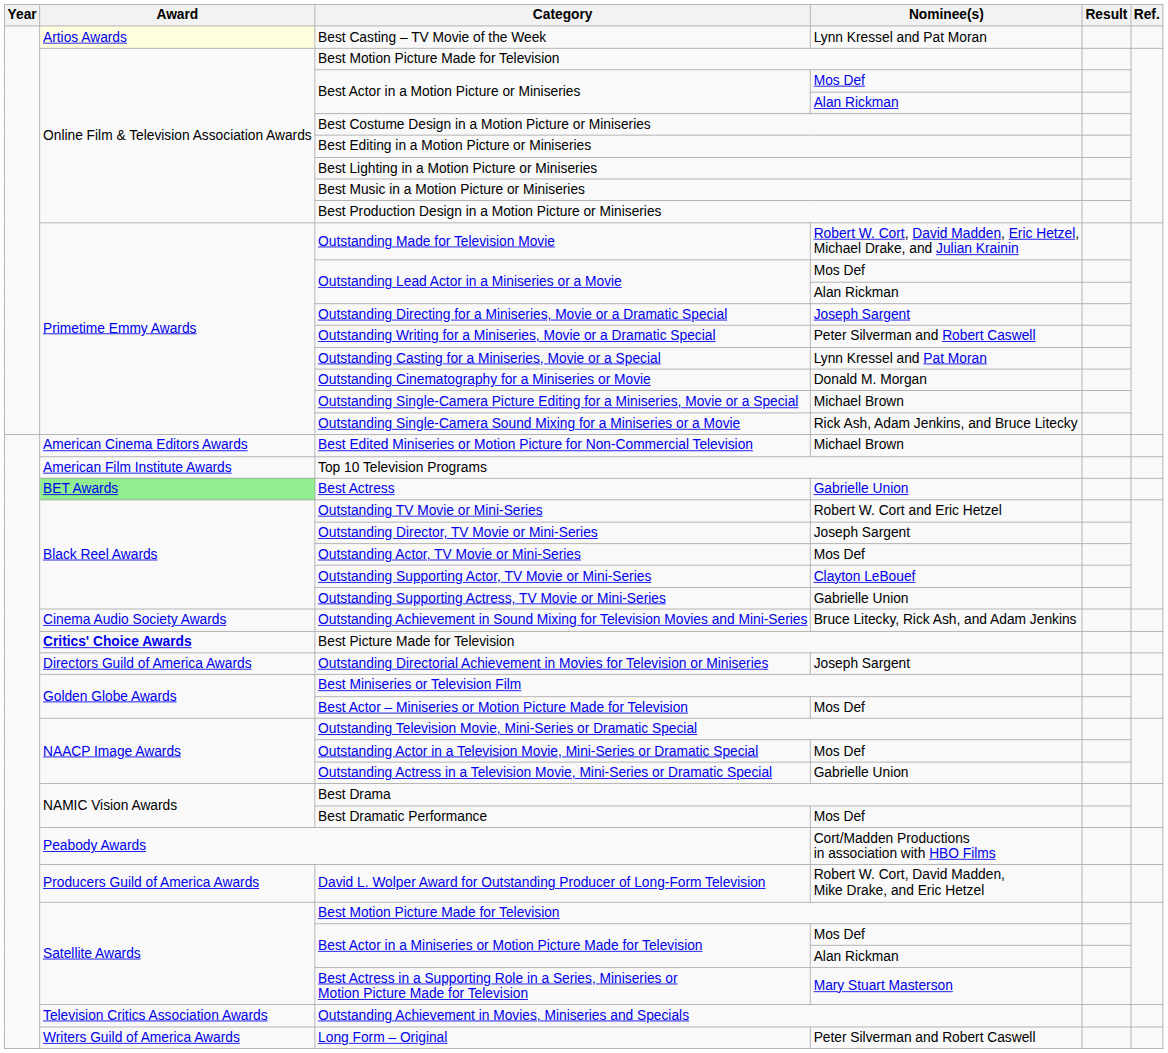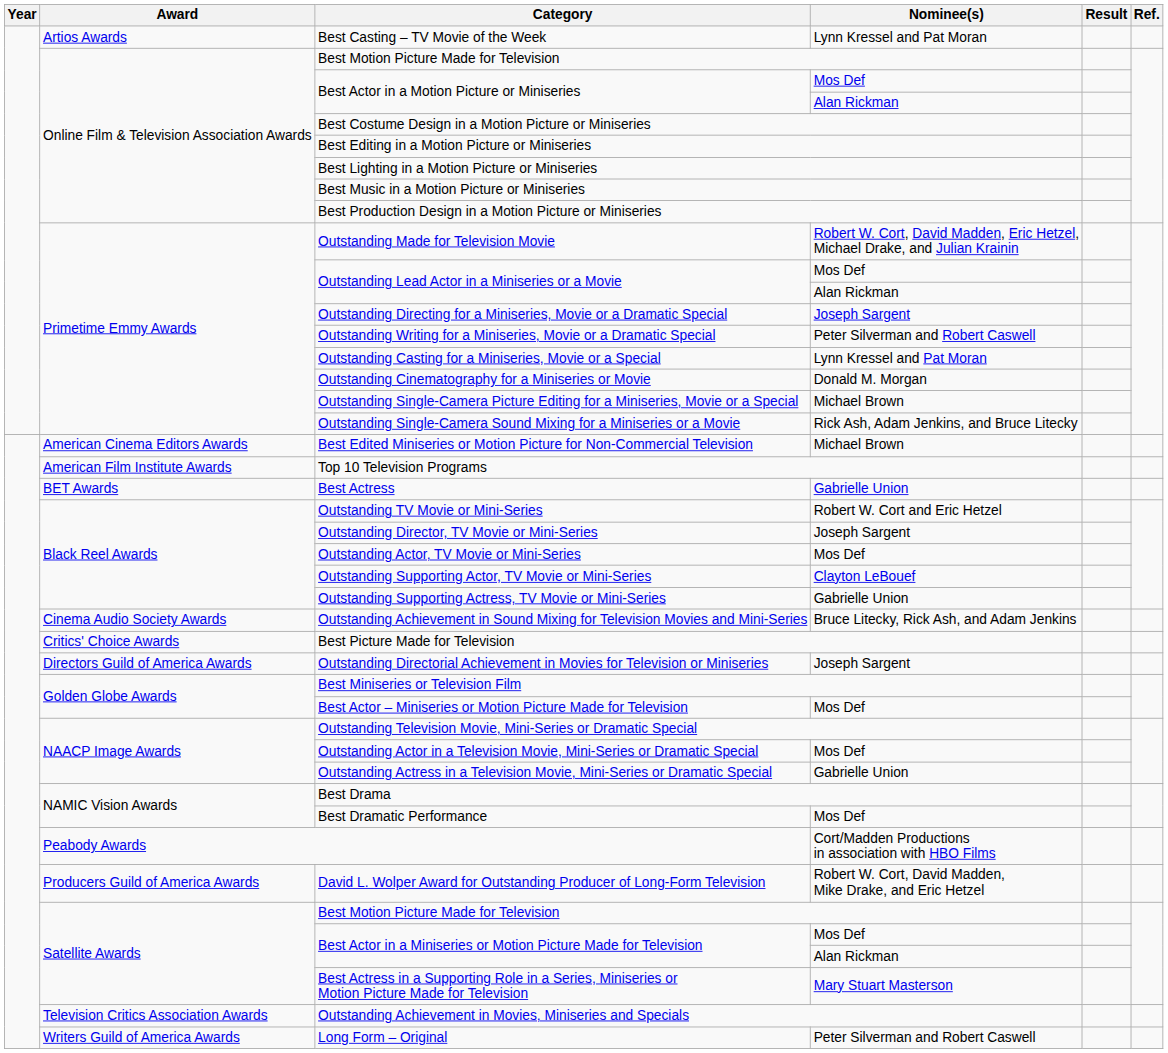 <table class="wikitable sortable">
 <tr>
 <th>Year</th>
 <th>Award</th>
 <th>Category</th>
 <th>Nominee(s)</th>
 <th>Result</th>
 <th>Ref.</th>
 </tr>
 <tr>
 <td rowspan="18"></td>
-<td style="background: lightyellow;"><a href='#'>Artios Awards</a></td>
+<td><a href='#'>Artios Awards</a></td>
 <td>Best Casting – TV Movie of the Week</td>
 <td>Lynn Kressel and Pat Moran</td>
 <td></td>
 <td align="center"></td>
 </tr>
 <tr>
 <td rowspan="8">Online Film & Television Association Awards</td>
 <td colspan="2">Best Motion Picture Made for Television</td>
 <td></td>
 <td align="center" rowspan="8"></td>
 </tr>
 <tr>
 <td rowspan="2">Best Actor in a Motion Picture or Miniseries</td>
 <td><a href='#'>Mos Def</a></td>
 <td></td>
 </tr>
 <tr>
 <td><a href='#'>Alan Rickman</a></td>
 <td></td>
 </tr>
 <tr>
 <td colspan="2">Best Costume Design in a Motion Picture or Miniseries</td>
 <td></td>
 </tr>
 <tr>
 <td colspan="2">Best Editing in a Motion Picture or Miniseries</td>
 <td></td>
 </tr>
 <tr>
 <td colspan="2">Best Lighting in a Motion Picture or Miniseries</td>
 <td></td>
 </tr>
 <tr>
 <td colspan="2">Best Music in a Motion Picture or Miniseries</td>
 <td></td>
 </tr>
 <tr>
 <td colspan="2">Best Production Design in a Motion Picture or Miniseries</td>
 <td></td>
 </tr>
 <tr>
 <td rowspan="9"><a href='#'>Primetime Emmy Awards</a></td>
 <td><a href='#'>Outstanding Made for Television Movie</a></td>
 <td><a href='#'>Robert W. Cort</a>, <a href='#'>David Madden</a>, <a href='#'>Eric Hetzel</a>, <br> Michael Drake, and <a href='#'>Julian Krainin</a></td>
 <td></td>
 <td align="center" rowspan="9"></td>
 </tr>
 <tr>
 <td rowspan="2"><a href='#'>Outstanding Lead Actor in a Miniseries or a Movie</a></td>
 <td>Mos Def</td>
 <td></td>
 </tr>
 <tr>
 <td>Alan Rickman</td>
 <td></td>
 </tr>
 <tr>
 <td><a href='#'>Outstanding Directing for a Miniseries, Movie or a Dramatic Special</a></td>
 <td><a href='#'>Joseph Sargent</a></td>
 <td></td>
 </tr>
 <tr>
 <td><a href='#'>Outstanding Writing for a Miniseries, Movie or a Dramatic Special</a></td>
 <td>Peter Silverman and <a href='#'>Robert Caswell</a></td>
 <td></td>
 </tr>
 <tr>
 <td><a href='#'>Outstanding Casting for a Miniseries, Movie or a Special</a></td>
 <td>Lynn Kressel and <a href='#'>Pat Moran</a></td>
 <td></td>
 </tr>
 <tr>
 <td><a href='#'>Outstanding Cinematography for a Miniseries or Movie</a></td>
 <td>Donald M. Morgan</td>
 <td></td>
 </tr>
 <tr>
 <td><a href='#'>Outstanding Single-Camera Picture Editing for a Miniseries, Movie or a Special</a></td>
 <td>Michael Brown</td>
 <td></td>
 </tr>
 <tr>
 <td><a href='#'>Outstanding Single-Camera Sound Mixing for a Miniseries or a Movie</a></td>
 <td>Rick Ash, Adam Jenkins, and Bruce Litecky</td>
 <td></td>
 </tr>
 <tr>
 <td rowspan="26"></td>
 <td><a href='#'>American Cinema Editors Awards</a></td>
 <td><a href='#'>Best Edited Miniseries or Motion Picture for Non-Commercial Television</a></td>
 <td>Michael Brown</td>
 <td></td>
 <td align="center"></td>
 </tr>
 <tr>
 <td><a href='#'>American Film Institute Awards</a></td>
 <td colspan="2">Top 10 Television Programs</td>
 <td></td>
 <td align="center"></td>
 </tr>
 <tr>
-<td style="background: lightgreen;"><a href='#'>BET Awards</a></td>
+<td><a href='#'>BET Awards</a></td>
 <td><a href='#'>Best Actress</a></td>
 <td><a href='#'>Gabrielle Union</a></td>
 <td></td>
 <td align="center"></td>
 </tr>
 <tr>
 <td rowspan="5"><a href='#'>Black Reel Awards</a></td>
 <td><a href='#'>Outstanding TV Movie or Mini-Series</a></td>
 <td>Robert W. Cort and Eric Hetzel</td>
 <td></td>
 <td align="center" rowspan="5"></td>
 </tr>
 <tr>
 <td><a href='#'>Outstanding Director, TV Movie or Mini-Series</a></td>
 <td>Joseph Sargent</td>
 <td></td>
 </tr>
 <tr>
 <td><a href='#'>Outstanding Actor, TV Movie or Mini-Series</a></td>
 <td>Mos Def</td>
 <td></td>
 </tr>
 <tr>
 <td><a href='#'>Outstanding Supporting Actor, TV Movie or Mini-Series</a></td>
 <td><a href='#'>Clayton LeBouef</a></td>
 <td></td>
 </tr>
 <tr>
 <td><a href='#'>Outstanding Supporting Actress, TV Movie or Mini-Series</a></td>
 <td>Gabrielle Union</td>
 <td></td>
 </tr>
 <tr>
 <td><a href='#'>Cinema Audio Society Awards</a></td>
 <td><a href='#'>Outstanding Achievement in Sound Mixing for Television Movies and Mini-Series</a></td>
 <td>Bruce Litecky, Rick Ash, and Adam Jenkins</td>
 <td></td>
 <td align="center"></td>
 </tr>
 <tr>
-<td><strong><a href='#'>Critics' Choice Awards</a></strong></td>
+<td><a href='#'>Critics' Choice Awards</a></td>
 <td colspan="2">Best Picture Made for Television</td>
 <td></td>
 <td align="center"></td>
 </tr>
 <tr>
 <td><a href='#'>Directors Guild of America Awards</a></td>
 <td><a href='#'>Outstanding Directorial Achievement in Movies for Television or Miniseries</a></td>
 <td>Joseph Sargent</td>
 <td></td>
 <td align="center"></td>
 </tr>
 <tr>
 <td rowspan="2"><a href='#'>Golden Globe Awards</a></td>
 <td colspan="2"><a href='#'>Best Miniseries or Television Film</a></td>
 <td></td>
 <td align="center" rowspan="2"></td>
 </tr>
 <tr>
 <td><a href='#'>Best Actor – Miniseries or Motion Picture Made for Television</a></td>
 <td>Mos Def</td>
 <td></td>
 </tr>
 <tr>
 <td rowspan="3"><a href='#'>NAACP Image Awards</a></td>
 <td colspan="2"><a href='#'>Outstanding Television Movie, Mini-Series or Dramatic Special</a></td>
 <td></td>
 <td align="center" rowspan="3"></td>
 </tr>
 <tr>
 <td><a href='#'>Outstanding Actor in a Television Movie, Mini-Series or Dramatic Special</a></td>
 <td>Mos Def</td>
 <td></td>
 </tr>
 <tr>
 <td><a href='#'>Outstanding Actress in a Television Movie, Mini-Series or Dramatic Special</a></td>
 <td>Gabrielle Union</td>
 <td></td>
 </tr>
 <tr>
 <td rowspan="2">NAMIC Vision Awards</td>
 <td colspan="2">Best Drama</td>
 <td></td>
 <td align="center" rowspan="2"></td>
 </tr>
 <tr>
 <td>Best Dramatic Performance</td>
 <td>Mos Def</td>
 <td></td>
 </tr>
 <tr>
 <td colspan="2"><a href='#'>Peabody Awards</a></td>
 <td>Cort/Madden Productions <br> in association with <a href='#'>HBO Films</a></td>
 <td></td>
 <td align="center"></td>
 </tr>
 <tr>
 <td><a href='#'>Producers Guild of America Awards</a></td>
 <td><a href='#'>David L. Wolper Award for Outstanding Producer of Long-Form Television</a></td>
 <td>Robert W. Cort, David Madden, <br> Mike Drake, and Eric Hetzel</td>
 <td></td>
 <td align="center"></td>
 </tr>
 <tr>
 <td rowspan="4"><a href='#'>Satellite Awards</a></td>
 <td colspan="2"><a href='#'>Best Motion Picture Made for Television</a></td>
 <td></td>
 <td align="center" rowspan="4"></td>
 </tr>
 <tr>
 <td rowspan="2"><a href='#'>Best Actor in a Miniseries or Motion Picture Made for Television</a></td>
 <td>Mos Def</td>
 <td></td>
 </tr>
 <tr>
 <td>Alan Rickman</td>
 <td></td>
 </tr>
 <tr>
 <td><a href='#'>Best Actress in a Supporting Role in a Series, Miniseries or <br> Motion Picture Made for Television</a></td>
 <td><a href='#'>Mary Stuart Masterson</a></td>
 <td></td>
 </tr>
 <tr>
 <td><a href='#'>Television Critics Association Awards</a></td>
 <td colspan="2"><a href='#'>Outstanding Achievement in Movies, Miniseries and Specials</a></td>
 <td></td>
 <td align="center"></td>
 </tr>
 <tr>
 <td><a href='#'>Writers Guild of America Awards</a></td>
 <td><a href='#'>Long Form – Original</a></td>
 <td>Peter Silverman and Robert Caswell</td>
 <td></td>
 <td align="center"></td>
 </tr>
 </table>
